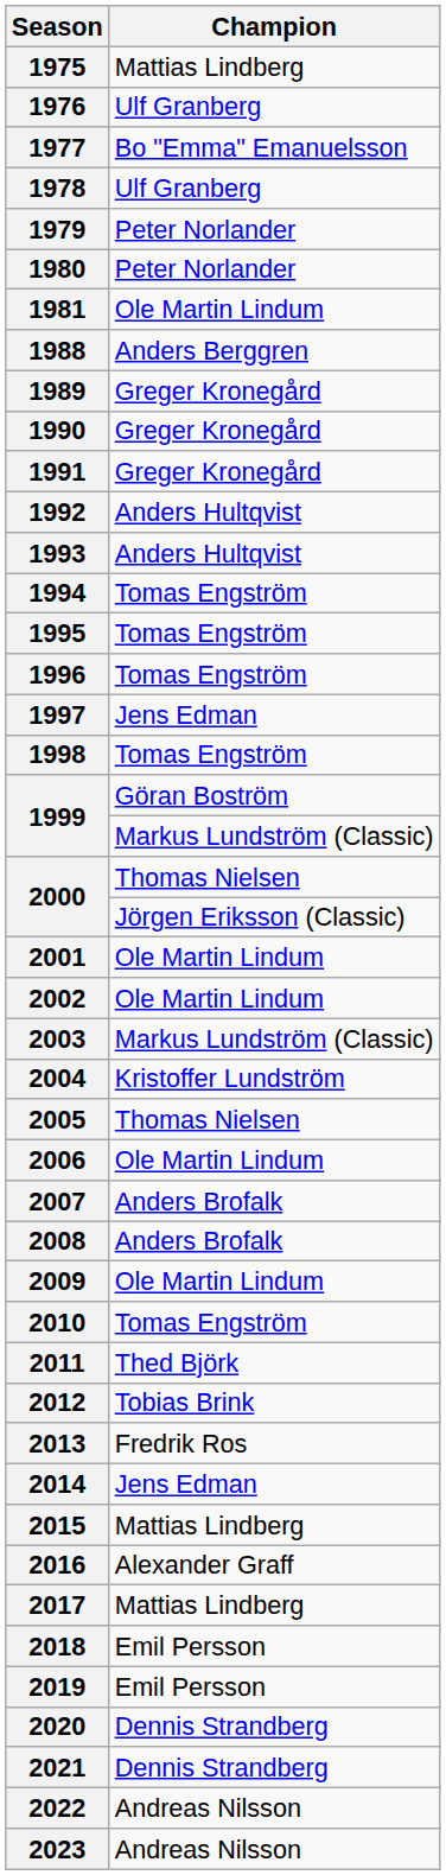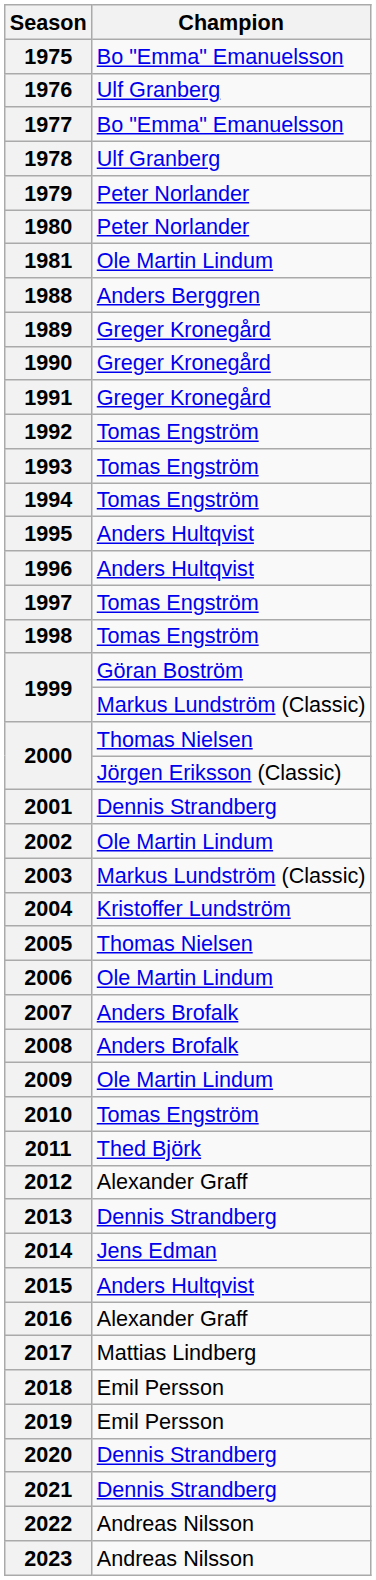 <table class="wikitable" style="font-size: 90%;">
 <tr>
 <th>Season</th>
 <th>Champion</th>
 </tr>
 <tr>
 <th>1975</th>
-<td> Mattias Lindberg</td>
+<td> <a href='#'>Bo "Emma" Emanuelsson</a></td>
 </tr>
 <tr>
 <th>1976</th>
 <td> <a href='#'>Ulf Granberg</a></td>
 </tr>
 <tr>
 <th>1977</th>
 <td> <a href='#'>Bo "Emma" Emanuelsson</a></td>
 </tr>
 <tr>
 <th>1978</th>
 <td> <a href='#'>Ulf Granberg</a></td>
 </tr>
 <tr>
 <th>1979</th>
 <td> <a href='#'>Peter Norlander</a></td>
 </tr>
 <tr>
 <th>1980</th>
 <td> <a href='#'>Peter Norlander</a></td>
 </tr>
 <tr>
 <th>1981</th>
 <td> <a href='#'>Ole Martin Lindum</a></td>
 </tr>
 <tr>
 <th>1988</th>
 <td> <a href='#'>Anders Berggren</a></td>
 </tr>
 <tr>
 <th>1989</th>
 <td> <a href='#'>Greger Kronegård</a></td>
 </tr>
 <tr>
 <th>1990</th>
 <td> <a href='#'>Greger Kronegård</a></td>
 </tr>
 <tr>
 <th>1991</th>
 <td> <a href='#'>Greger Kronegård</a></td>
 </tr>
 <tr>
 <th>1992</th>
-<td> <a href='#'>Anders Hultqvist</a></td>
+<td> <a href='#'>Tomas Engström</a></td>
 </tr>
 <tr>
 <th>1993</th>
-<td> <a href='#'>Anders Hultqvist</a></td>
+<td> <a href='#'>Tomas Engström</a></td>
 </tr>
 <tr>
 <th>1994</th>
 <td> <a href='#'>Tomas Engström</a></td>
 </tr>
 <tr>
 <th>1995</th>
-<td> <a href='#'>Tomas Engström</a></td>
+<td> <a href='#'>Anders Hultqvist</a></td>
 </tr>
 <tr>
 <th>1996</th>
-<td> <a href='#'>Tomas Engström</a></td>
+<td> <a href='#'>Anders Hultqvist</a></td>
 </tr>
 <tr>
 <th>1997</th>
-<td> <a href='#'>Jens Edman</a></td>
+<td> <a href='#'>Tomas Engström</a></td>
 </tr>
 <tr>
 <th>1998</th>
 <td> <a href='#'>Tomas Engström</a></td>
 </tr>
 <tr>
 <th Rowspan=2>1999</th>
 <td> <a href='#'>Göran Boström</a></td>
 </tr>
 <tr>
 <td> <a href='#'>Markus Lundström</a> (Classic)</td>
 </tr>
 <tr>
 <th Rowspan=2>2000</th>
 <td> <a href='#'>Thomas Nielsen</a></td>
 </tr>
 <tr>
 <td> <a href='#'>Jörgen Eriksson</a> (Classic)</td>
 </tr>
 <tr>
 <th>2001</th>
-<td> <a href='#'>Ole Martin Lindum</a></td>
+<td> <a href='#'>Dennis Strandberg</a></td>
 </tr>
 <tr>
 <th>2002</th>
 <td> <a href='#'>Ole Martin Lindum</a></td>
 </tr>
 <tr>
 <th>2003</th>
 <td> <a href='#'>Markus Lundström</a> (Classic)</td>
 </tr>
 <tr>
 <th>2004</th>
 <td> <a href='#'>Kristoffer Lundström</a></td>
 </tr>
 <tr>
 <th>2005</th>
 <td> <a href='#'>Thomas Nielsen</a></td>
 </tr>
 <tr>
 <th>2006</th>
 <td> <a href='#'>Ole Martin Lindum</a></td>
 </tr>
 <tr>
 <th>2007</th>
 <td> <a href='#'>Anders Brofalk</a></td>
 </tr>
 <tr>
 <th>2008</th>
 <td> <a href='#'>Anders Brofalk</a></td>
 </tr>
 <tr>
 <th>2009</th>
 <td> <a href='#'>Ole Martin Lindum</a></td>
 </tr>
 <tr>
 <th>2010</th>
 <td> <a href='#'>Tomas Engström</a></td>
 </tr>
 <tr>
 <th>2011</th>
 <td> <a href='#'>Thed Björk</a></td>
 </tr>
 <tr>
 <th>2012</th>
-<td> <a href='#'>Tobias Brink</a></td>
+<td> Alexander Graff</td>
 </tr>
 <tr>
 <th>2013</th>
-<td> Fredrik Ros</td>
+<td> <a href='#'>Dennis Strandberg</a></td>
 </tr>
 <tr>
 <th>2014</th>
 <td> <a href='#'>Jens Edman</a></td>
 </tr>
 <tr>
 <th>2015</th>
-<td> Mattias Lindberg</td>
+<td> <a href='#'>Anders Hultqvist</a></td>
 </tr>
 <tr>
 <th>2016</th>
 <td> Alexander Graff</td>
 </tr>
 <tr>
 <th>2017</th>
 <td> Mattias Lindberg</td>
 </tr>
 <tr>
 <th>2018</th>
 <td> Emil Persson</td>
 </tr>
 <tr>
 <th>2019</th>
 <td> Emil Persson</td>
 </tr>
 <tr>
 <th>2020</th>
 <td> <a href='#'>Dennis Strandberg</a></td>
 </tr>
 <tr>
 <th>2021</th>
 <td> <a href='#'>Dennis Strandberg</a></td>
 </tr>
 <tr>
 <th>2022</th>
 <td> Andreas Nilsson</td>
 </tr>
 <tr>
 <th>2023</th>
 <td> Andreas Nilsson</td>
 </tr>
 </table>
